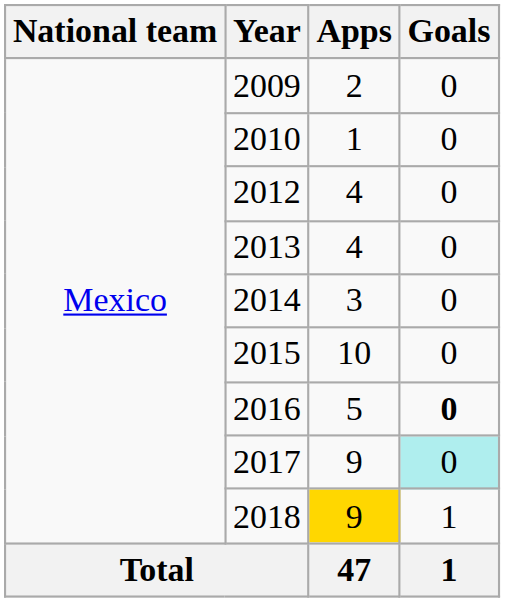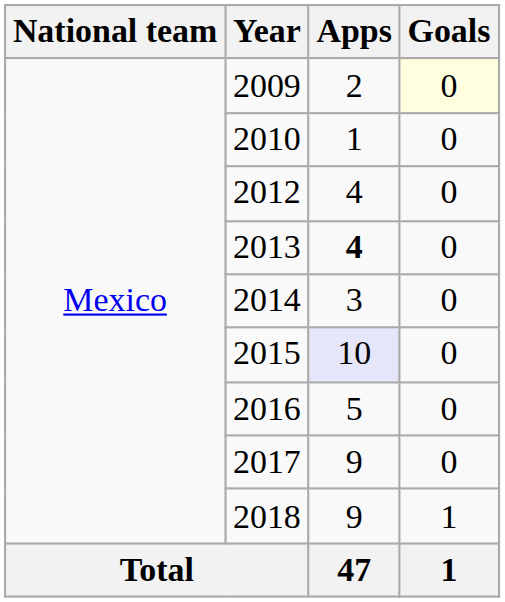 <table class="wikitable" style="text-align:center">
 <tr>
 <th>National team</th>
 <th>Year</th>
 <th>Apps</th>
 <th>Goals</th>
 </tr>
 <tr>
 <td rowspan="9"><a href='#'>Mexico</a></td>
 <td>2009</td>
 <td>2</td>
-<td>0</td>
+<td style="background: lightyellow;">0</td>
 </tr>
 <tr>
 <td>2010</td>
 <td>1</td>
 <td>0</td>
 </tr>
 <tr>
 <td>2012</td>
 <td>4</td>
 <td>0</td>
 </tr>
 <tr>
 <td>2013</td>
-<td>4</td>
+<td><strong>4</strong></td>
 <td>0</td>
 </tr>
 <tr>
 <td>2014</td>
 <td>3</td>
 <td>0</td>
 </tr>
 <tr>
 <td>2015</td>
-<td>10</td>
+<td style="background: lavender;">10</td>
 <td>0</td>
 </tr>
 <tr>
 <td>2016</td>
 <td>5</td>
-<td><strong>0</strong></td>
+<td>0</td>
 </tr>
 <tr>
 <td>2017</td>
 <td>9</td>
-<td style="background: paleturquoise;">0</td>
+<td>0</td>
 </tr>
 <tr>
 <td>2018</td>
-<td style="background: gold;">9</td>
+<td>9</td>
 <td>1</td>
 </tr>
 <tr>
 <th colspan="2">Total</th>
 <th>47</th>
 <th>1</th>
 </tr>
 </table>
